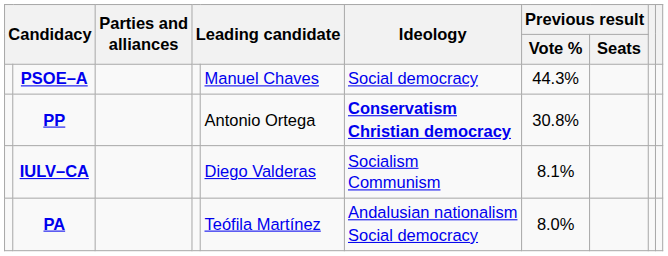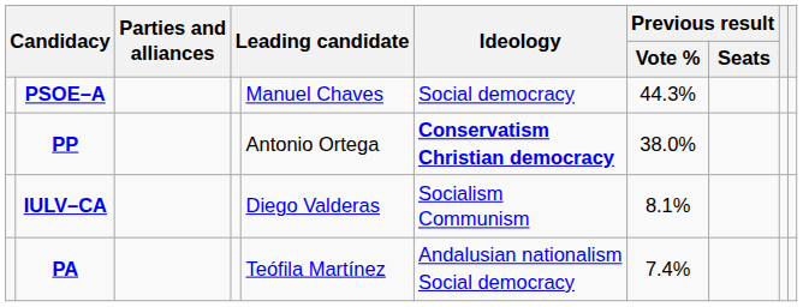 <table class="wikitable" style="line-height:1.35em; text-align:left;">
 <tr>
 <th colspan="2" rowspan="2">Candidacy</th>
 <th rowspan="2">Parties and<br>alliances</th>
 <th colspan="2" rowspan="2">Leading candidate</th>
 <th rowspan="2">Ideology</th>
 <th colspan="2">Previous result</th>
 <th rowspan="2"></th>
 <th rowspan="2"></th>
 </tr>
 <tr>
 <th>Vote %</th>
 <th>Seats</th>
 </tr>
 <tr>
 <td width="1" style="color:inherit;background:"></td>
 <td align="center"><strong><a href='#'>PSOE–A</a></strong></td>
 <td></td>
 <td></td>
 <td><a href='#'>Manuel Chaves</a></td>
 <td><a href='#'>Social democracy</a></td>
 <td align="center">44.3%</td>
 <td></td>
 <td></td>
 <td></td>
 </tr>
 <tr>
 <td style="color:inherit;background:"></td>
 <td align="center"><strong><a href='#'>PP</a></strong></td>
 <td></td>
 <td></td>
 <td>Antonio Ortega</td>
 <td><strong><a href='#'>Conservatism</a><br><a href='#'>Christian democracy</a></strong></td>
-<td align="center">30.8%</td>
+<td align="center">38.0%</td>
 <td></td>
 <td></td>
 <td></td>
 </tr>
 <tr>
 <td style="color:inherit;background:"></td>
 <td align="center"><strong><a href='#'>IULV–CA</a></strong></td>
 <td></td>
 <td></td>
 <td><a href='#'>Diego Valderas</a></td>
 <td><a href='#'>Socialism</a><br><a href='#'>Communism</a></td>
 <td align="center">8.1%</td>
 <td></td>
 <td></td>
 <td></td>
 </tr>
 <tr>
 <td style="color:inherit;background:"></td>
 <td align="center"><strong><a href='#'>PA</a></strong></td>
 <td></td>
 <td></td>
 <td><a href='#'>Teófila Martínez</a></td>
 <td><a href='#'>Andalusian nationalism</a><br><a href='#'>Social democracy</a></td>
-<td align="center">8.0%</td>
+<td align="center">7.4%</td>
 <td></td>
 <td></td>
 <td></td>
 </tr>
 </table>
